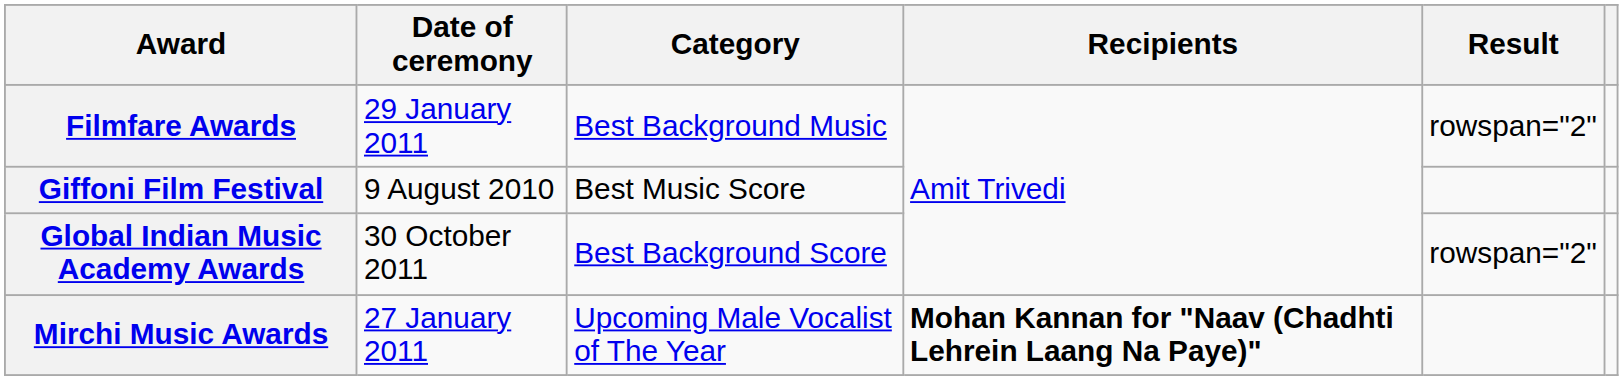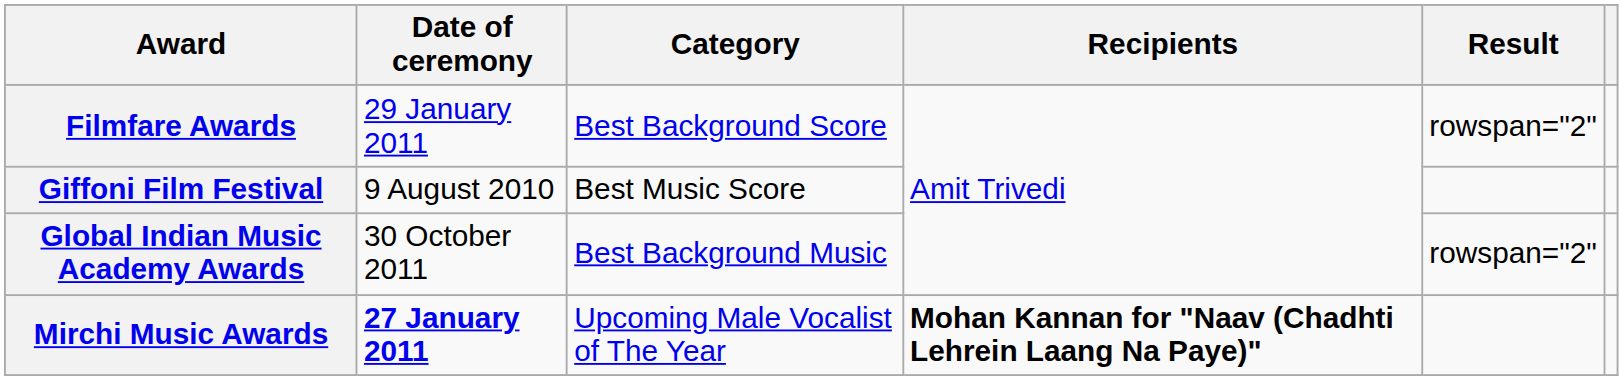 <table class="wikitable plainrowheaders sortable">
 <tr>
 <th scope="col">Award</th>
 <th scope="col">Date of ceremony</th>
 <th scope="col">Category</th>
 <th scope="col">Recipients</th>
 <th scope="col">Result</th>
 <th scope="col" class="unsortable"></th>
 </tr>
 <tr>
 <th scope="row"><a href='#'>Filmfare Awards</a></th>
 <td><a href='#'>29 January 2011</a></td>
-<td><a href='#'>Best Background Music</a></td>
+<td><a href='#'>Best Background Score</a></td>
 <td rowspan="3"><a href='#'>Amit Trivedi</a></td>
 <td>rowspan="2" </td>
 <td style="text-align:center;"><br><br></td>
 </tr>
 <tr>
 <th scope="row"><a href='#'>Giffoni Film Festival</a></th>
 <td>9 August 2010</td>
 <td>Best Music Score</td>
 <td style="text-align:center;"></td>
 </tr>
 <tr>
 <th scope="row"><a href='#'>Global Indian Music Academy Awards</a></th>
 <td>30 October 2011</td>
-<td><a href='#'>Best Background Score</a></td>
+<td><a href='#'>Best Background Music</a></td>
 <td>rowspan="2" </td>
 <td style="text-align:center;"></td>
 </tr>
 <tr>
 <th scope="row"><a href='#'>Mirchi Music Awards</a></th>
-<td><a href='#'>27 January 2011</a></td>
+<td><strong><a href='#'>27 January 2011</a></strong></td>
 <td><a href='#'>Upcoming Male Vocalist of The Year</a></td>
 <td><strong>Mohan Kannan for "Naav (Chadhti Lehrein Laang Na Paye)"</strong></td>
 <td style="text-align:center;"></td>
 </tr>
 </table>
